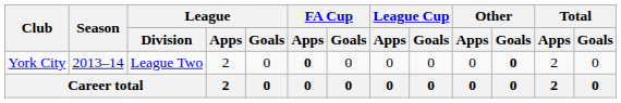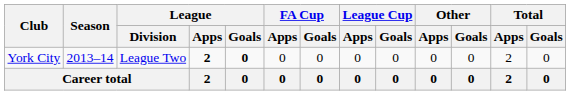 <table class=wikitable style="text-align: center;">
 <tr>
 <th rowspan=2>Club</th>
 <th rowspan=2>Season</th>
 <th colspan=3>League</th>
 <th colspan=2><a href='#'>FA Cup</a></th>
 <th colspan=2><a href='#'>League Cup</a></th>
 <th colspan=2>Other</th>
 <th colspan=2>Total</th>
 </tr>
 <tr>
 <th>Division</th>
 <th>Apps</th>
 <th>Goals</th>
 <th>Apps</th>
 <th>Goals</th>
 <th>Apps</th>
 <th>Goals</th>
 <th>Apps</th>
 <th>Goals</th>
 <th>Apps</th>
 <th>Goals</th>
 </tr>
 <tr>
 <td><a href='#'>York City</a></td>
 <td><a href='#'>2013–14</a></td>
 <td><a href='#'>League Two</a></td>
-<td>2</td>
-<td>0</td>
+<td><strong>2</strong></td>
 <td><strong>0</strong></td>
 <td>0</td>
 <td>0</td>
 <td>0</td>
 <td>0</td>
-<td><strong>0</strong></td>
+<td>0</td>
+<td>0</td>
 <td>2</td>
 <td>0</td>
 </tr>
 <tr>
 <th colspan=3>Career total</th>
 <th>2</th>
 <th>0</th>
 <th>0</th>
 <th>0</th>
 <th>0</th>
 <th>0</th>
 <th>0</th>
 <th>0</th>
 <th>2</th>
 <th>0</th>
 </tr>
 </table>
